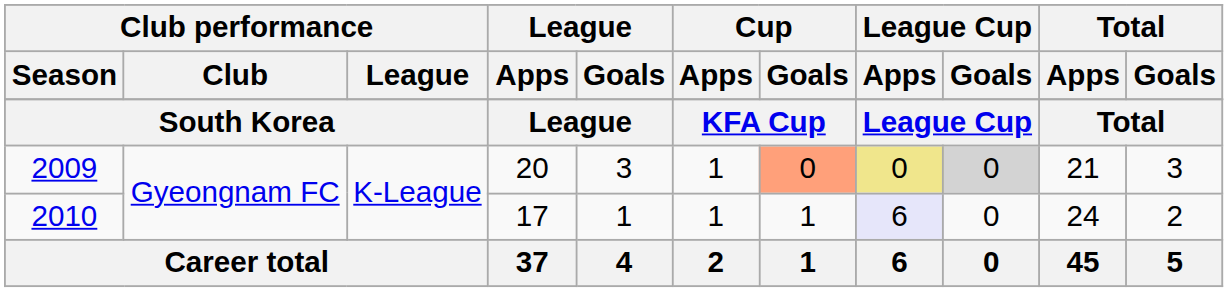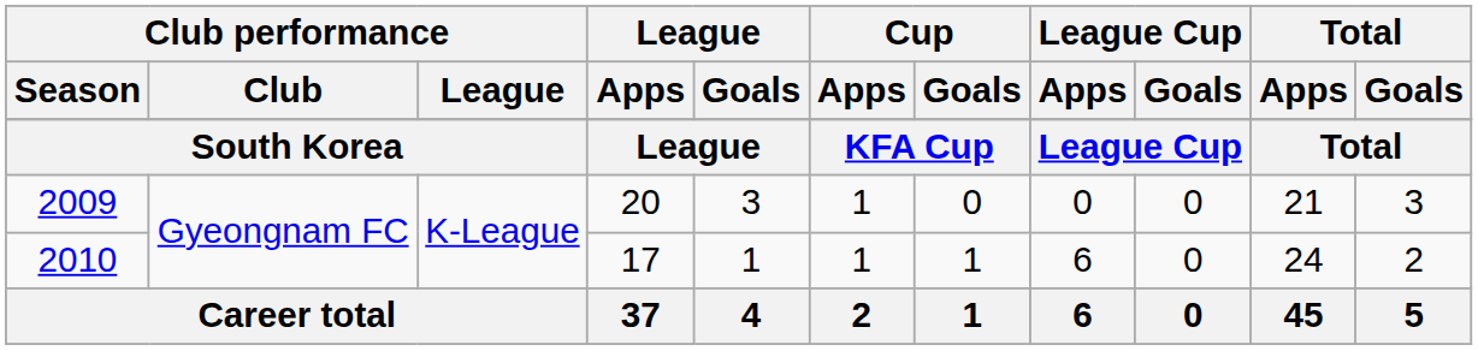 <table class="wikitable" style="text-align:center">
 <tr>
 <th colspan=3>Club performance</th>
 <th colspan=2>League</th>
 <th colspan=2>Cup</th>
 <th colspan=2>League Cup</th>
 <th colspan=2>Total</th>
 </tr>
 <tr>
 <th>Season</th>
 <th>Club</th>
 <th>League</th>
 <th>Apps</th>
 <th>Goals</th>
 <th>Apps</th>
 <th>Goals</th>
 <th>Apps</th>
 <th>Goals</th>
 <th>Apps</th>
 <th>Goals</th>
 </tr>
 <tr>
 </tr>
 <tr>
 <th colspan=3>South Korea</th>
 <th colspan=2>League</th>
 <th colspan=2><a href='#'>KFA Cup</a></th>
 <th colspan=2><a href='#'>League Cup</a></th>
 <th colspan=2>Total</th>
 </tr>
 <tr>
 <td><a href='#'>2009</a></td>
 <td rowspan="2"><a href='#'>Gyeongnam FC</a></td>
 <td rowspan="2"><a href='#'>K-League</a></td>
 <td>20</td>
 <td>3</td>
 <td>1</td>
-<td style="background: lightsalmon;">0</td>
-<td style="background: khaki;">0</td>
-<td style="background: lightgrey;">0</td>
+<td>0</td>
+<td>0</td>
+<td>0</td>
 <td>21</td>
 <td>3</td>
 </tr>
 <tr>
 <td><a href='#'>2010</a></td>
 <td>17</td>
 <td>1</td>
 <td>1</td>
 <td>1</td>
-<td style="background: lavender;">6</td>
+<td>6</td>
 <td>0</td>
 <td>24</td>
 <td>2</td>
 </tr>
 <tr>
 <th colspan=3>Career total</th>
 <th>37</th>
 <th>4</th>
 <th>2</th>
 <th>1</th>
 <th>6</th>
 <th>0</th>
 <th>45</th>
 <th>5</th>
 </tr>
 </table>
